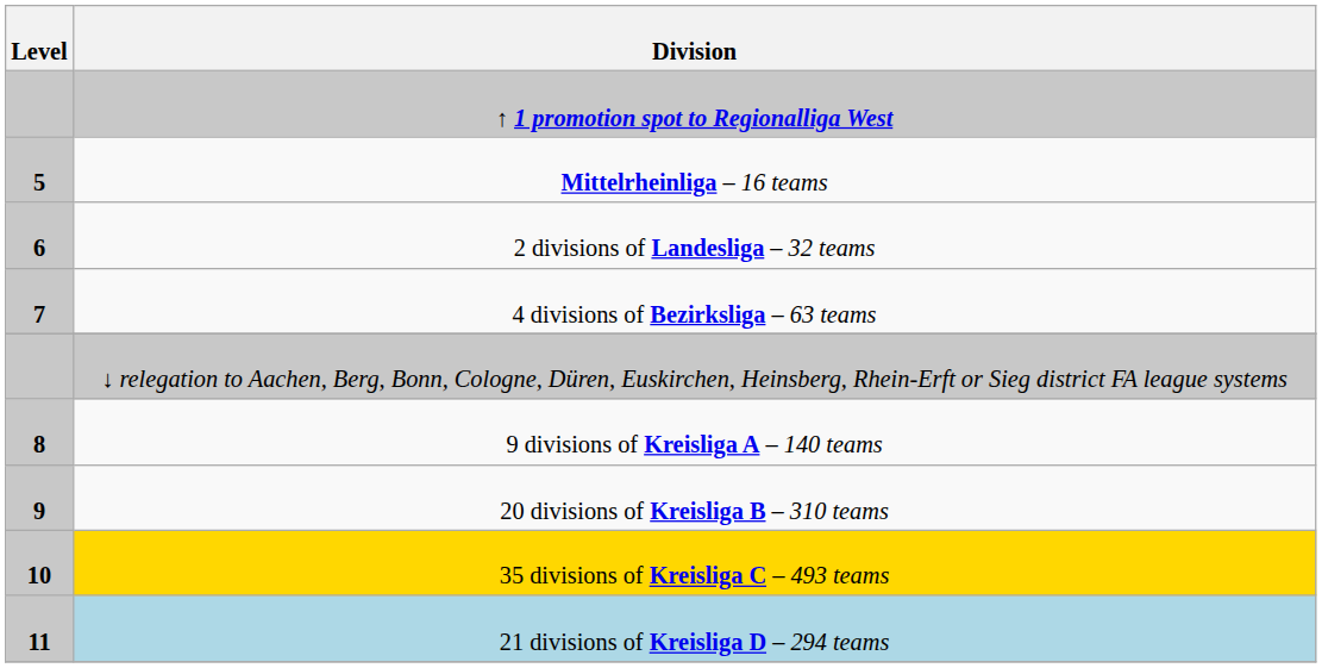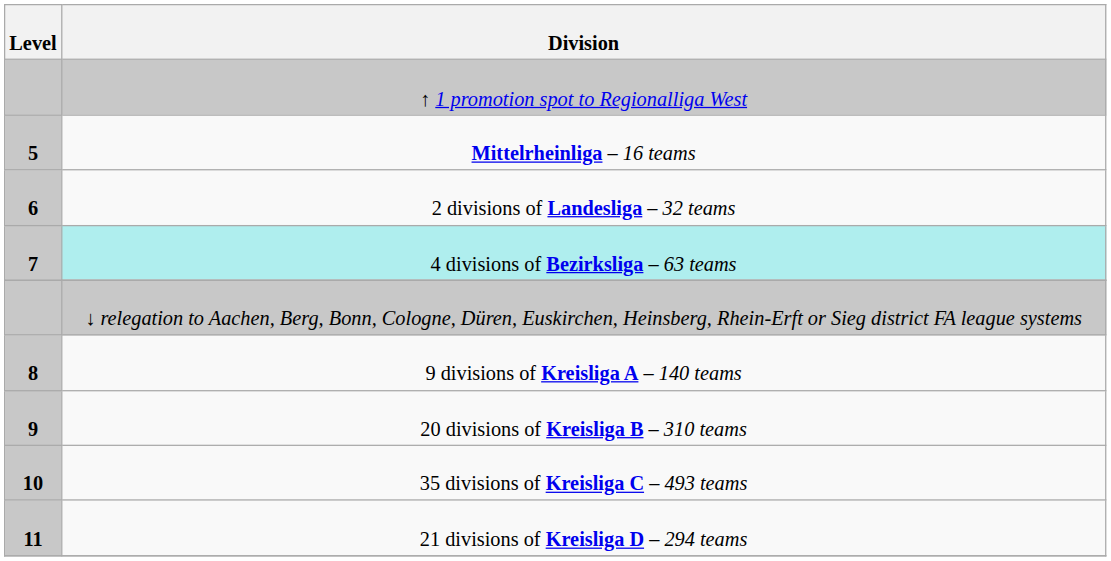 <table class="wikitable" style="text-align:center">
 <tr>
 <th colspan="1" width="4%"><br>Level</th>
 <th colspan="1"><br>Division</th>
 </tr>
 <tr style="background:#c8c8c8">
 <td colspan="1"></td>
-<td colspan="1"><strong><br><em>↑ <a href='#'>1 promotion spot to Regionalliga West</a></em></strong></td>
+<td colspan="1"><br><em>↑ <a href='#'>1 promotion spot to Regionalliga West</a></em></td>
 </tr>
 <tr>
 <td colspan="1" style="background:#c8c8c8"><br><strong>5</strong></td>
 <td colspan="1"><br><strong><a href='#'>Mittelrheinliga</a></strong> – <em>16 teams</em></td>
 </tr>
 <tr>
 <td colspan="1" style="background:#c8c8c8"><br><strong>6</strong></td>
 <td colspan="1"><br>2 divisions of <strong><a href='#'>Landesliga</a></strong> – <em>32 teams</em></td>
 </tr>
 <tr>
 <td colspan="1" style="background:#c8c8c8"><br><strong>7</strong></td>
-<td colspan="1"><br>4 divisions of <strong><a href='#'>Bezirksliga</a></strong> – <em>63 teams</em></td>
+<td colspan="1" style="background: paleturquoise;"><br>4 divisions of <strong><a href='#'>Bezirksliga</a></strong> – <em>63 teams</em></td>
 </tr>
 <tr>
 </tr>
 <tr style="background:#c8c8c8">
 <td colspan="1" width="4%"></td>
 <td colspan="1" width="96%"><br><em>↓ relegation to Aachen, Berg, Bonn, Cologne, Düren, Euskirchen, Heinsberg, Rhein-Erft or Sieg district FA league systems</em></td>
 </tr>
 <tr>
 <td colspan="1" style="background:#c8c8c8"><br><strong>8</strong></td>
 <td colspan="1"><br>9 divisions of <strong><a href='#'>Kreisliga A</a></strong> – <em>140 teams</em></td>
 </tr>
 <tr>
 <td colspan="1" style="background:#c8c8c8"><br><strong>9</strong></td>
 <td colspan="1"><br>20 divisions of <strong><a href='#'>Kreisliga B</a></strong> – <em>310 teams</em></td>
 </tr>
 <tr>
 <td colspan="1" style="background:#c8c8c8"><br><strong>10</strong></td>
-<td colspan="1" style="background: gold;"><br>35 divisions of <strong><a href='#'>Kreisliga C</a></strong> – <em>493 teams</em></td>
+<td colspan="1"><br>35 divisions of <strong><a href='#'>Kreisliga C</a></strong> – <em>493 teams</em></td>
 </tr>
 <tr>
 <td colspan="1" style="background:#c8c8c8"><br><strong>11</strong></td>
-<td colspan="1" style="background: lightblue;"><br>21 divisions of <strong><a href='#'>Kreisliga D</a></strong> – <em>294 teams</em></td>
+<td colspan="1"><br>21 divisions of <strong><a href='#'>Kreisliga D</a></strong> – <em>294 teams</em></td>
 </tr>
 <tr>
 </tr>
 </table>
